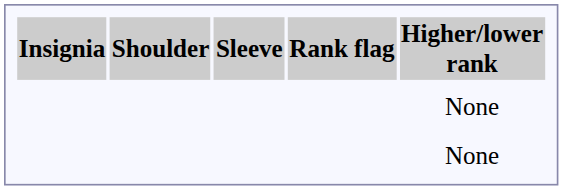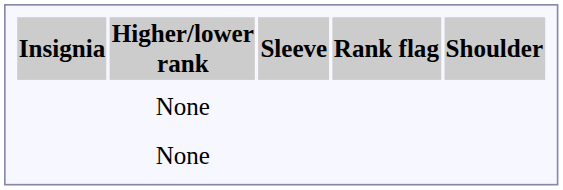 <table style="border:1px solid #8888aa; background-color:#f7f8ff; padding:5px; font-size:95%; margin: 0px 12px 12px 0px;">
 <tr style="background-color:#CCCCCC; text-align:center;">
 <th>Insignia</th>
-<th>Shoulder</th>
+<th>Higher/lower<br>rank</th>
 <th>Sleeve</th>
 <th>Rank flag</th>
-<th>Higher/lower<br>rank</th>
+<th>Shoulder</th>
 </tr>
 <tr style="text-align:center;">
 <th></th>
 <td></td>
 <td></td>
 <td></td>
 <td></td>
 </tr>
 <tr style="text-align:center;">
 <th></th>
+<td>None</td>
 <td></td>
 <td></td>
 <td></td>
-<td>None</td>
 </tr>
 <tr style="text-align:center;">
 <th></th>
 <td></td>
 <td></td>
 <td></td>
 <td></td>
 </tr>
 <tr style="text-align:center;">
 <th></th>
 <td></td>
 <td></td>
 <td></td>
 <td></td>
 </tr>
 <tr style="text-align:center;">
 <th></th>
+<td>None</td>
 <td></td>
 <td></td>
 <td></td>
-<td>None</td>
 </tr>
 </table>
